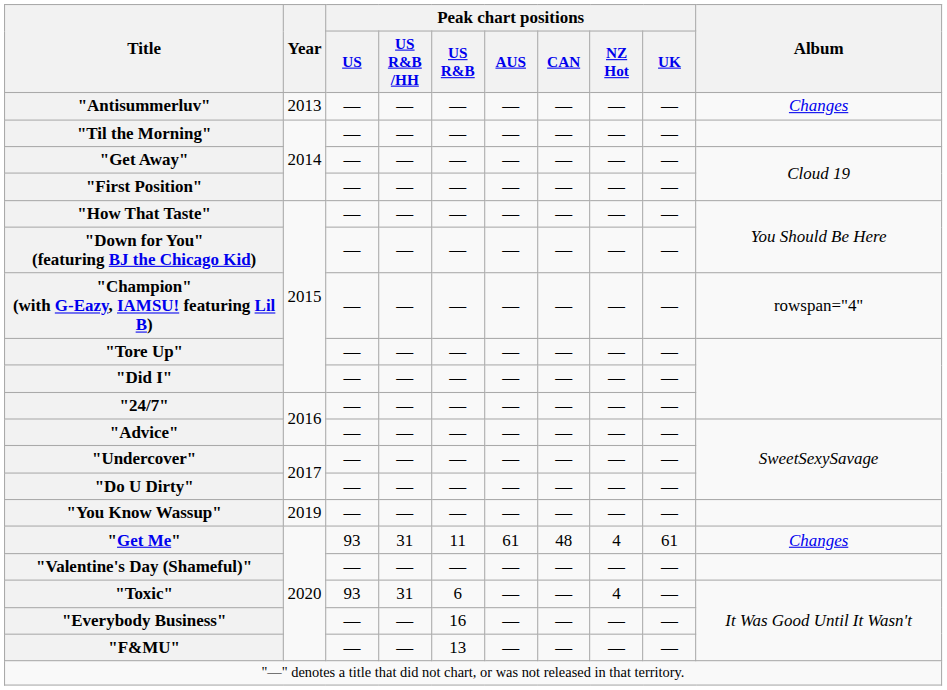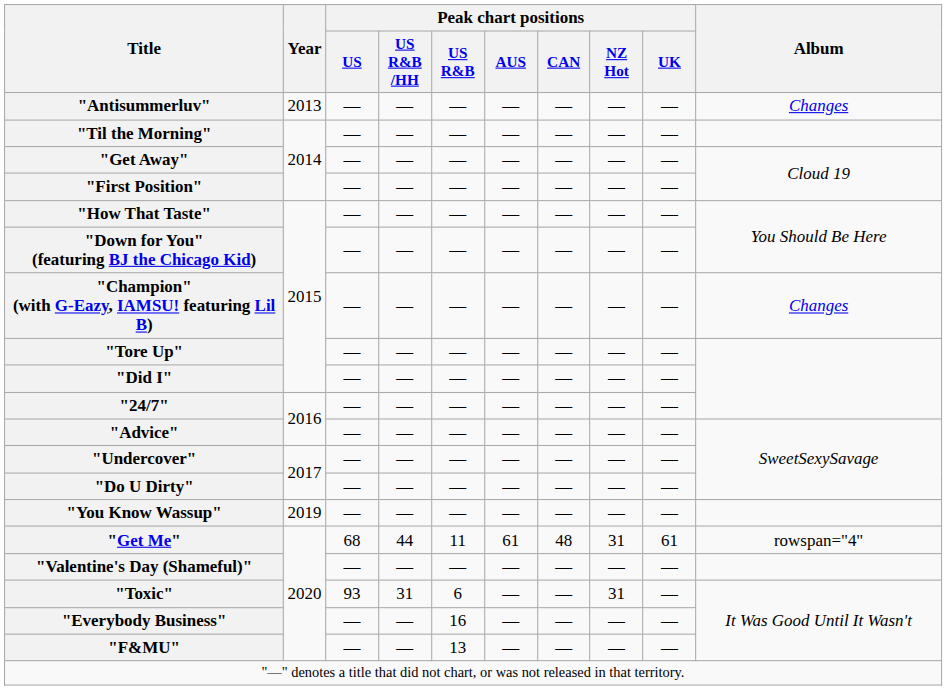 <table class="wikitable plainrowheaders" style="text-align:center;" border="2">
 <tr>
 <th scope="col" rowspan="2" style="width:16em;">Title</th>
 <th scope="col" rowspan="2" style="width:1em;">Year</th>
 <th scope="col" colspan="7">Peak chart positions</th>
 <th scope="col" rowspan="2" style="width:14em;">Album</th>
 </tr>
 <tr>
 <th scope="col" style="width:3em;font-size:90%;"><a href='#'>US</a><br></th>
 <th scope="col" style="width:3em;font-size:90%;"><a href='#'>US<br>R&B<br>/HH</a><br></th>
 <th scope="col" style="width:3em;font-size:90%;"><a href='#'>US R&B</a><br></th>
 <th scope="col" style="width:3em;font-size:90%;"><a href='#'>AUS</a><br></th>
 <th scope="col" style="width:3em;font-size:90%;"><a href='#'>CAN</a><br></th>
 <th scope="col" style="width:3em;font-size:90%;"><a href='#'>NZ<br>Hot</a><br></th>
 <th scope="col" style="width:3em;font-size:90%;"><a href='#'>UK</a><br></th>
 </tr>
 <tr>
 <th scope="row">"Antisummerluv"</th>
 <td>2013</td>
 <td>—</td>
 <td>—</td>
 <td>—</td>
 <td>—</td>
 <td>—</td>
 <td>—</td>
 <td>—</td>
 <td><em><a href='#'>Changes</a></em></td>
 </tr>
 <tr>
 <th scope="row">"Til the Morning"</th>
 <td rowspan="3">2014</td>
 <td>—</td>
 <td>—</td>
 <td>—</td>
 <td>—</td>
 <td>—</td>
 <td>—</td>
 <td>—</td>
 </tr>
 <tr>
 <th scope="row">"Get Away"</th>
 <td>—</td>
 <td>—</td>
 <td>—</td>
 <td>—</td>
 <td>—</td>
 <td>—</td>
 <td>—</td>
 <td rowspan="2"><em>Cloud 19</em></td>
 </tr>
 <tr>
 <th scope="row">"First Position"</th>
 <td>—</td>
 <td>—</td>
 <td>—</td>
 <td>—</td>
 <td>—</td>
 <td>—</td>
 <td>—</td>
 </tr>
 <tr>
 <th scope="row">"How That Taste"</th>
 <td rowspan="5">2015</td>
 <td>—</td>
 <td>—</td>
 <td>—</td>
 <td>—</td>
 <td>—</td>
 <td>—</td>
 <td>—</td>
 <td rowspan="2"><em>You Should Be Here</em></td>
 </tr>
 <tr>
 <th scope="row">"Down for You"<br><span>(featuring <a href='#'>BJ the Chicago Kid</a>)</span></th>
 <td>—</td>
 <td>—</td>
 <td>—</td>
 <td>—</td>
 <td>—</td>
 <td>—</td>
 <td>—</td>
 </tr>
 <tr>
 <th scope="row">"Champion"<br><span>(with <a href='#'>G-Eazy</a>, <a href='#'>IAMSU!</a> featuring <a href='#'>Lil B</a>)</span></th>
 <td>—</td>
 <td>—</td>
 <td>—</td>
 <td>—</td>
 <td>—</td>
 <td>—</td>
 <td>—</td>
-<td>rowspan="4" </td>
+<td><em><a href='#'>Changes</a></em></td>
 </tr>
 <tr>
 <th scope="row">"Tore Up"</th>
 <td>—</td>
 <td>—</td>
 <td>—</td>
 <td>—</td>
 <td>—</td>
 <td>—</td>
 <td>—</td>
 </tr>
 <tr>
 <th scope="row">"Did I"</th>
 <td>—</td>
 <td>—</td>
 <td>—</td>
 <td>—</td>
 <td>—</td>
 <td>—</td>
 <td>—</td>
 </tr>
 <tr>
 <th scope="row">"24/7"</th>
 <td rowspan="2">2016</td>
 <td>—</td>
 <td>—</td>
 <td>—</td>
 <td>—</td>
 <td>—</td>
 <td>—</td>
 <td>—</td>
 </tr>
 <tr>
 <th scope="row">"Advice"</th>
 <td>—</td>
 <td>—</td>
 <td>—</td>
 <td>—</td>
 <td>—</td>
 <td>—</td>
 <td>—</td>
 <td rowspan="3"><em>SweetSexySavage</em></td>
 </tr>
 <tr>
 <th scope="row">"Undercover"</th>
 <td rowspan="2">2017</td>
 <td>—</td>
 <td>—</td>
 <td>—</td>
 <td>—</td>
 <td>—</td>
 <td>—</td>
 <td>—</td>
 </tr>
 <tr>
 <th scope="row">"Do U Dirty"</th>
 <td>—</td>
 <td>—</td>
 <td>—</td>
 <td>—</td>
 <td>—</td>
 <td>—</td>
 <td>—</td>
 </tr>
 <tr>
 <th scope="row">"You Know Wassup"</th>
 <td>2019</td>
 <td>—</td>
 <td>—</td>
 <td>—</td>
 <td>—</td>
 <td>—</td>
 <td>—</td>
 <td>—</td>
 <td></td>
 </tr>
 <tr>
 <th scope="row">"<a href='#'>Get Me</a>"<br></th>
 <td rowspan="5">2020</td>
-<td>93</td>
-<td>31</td>
+<td>68</td>
+<td>44</td>
 <td>11</td>
 <td>61</td>
 <td>48</td>
-<td>4</td>
+<td>31</td>
 <td>61</td>
-<td><em><a href='#'>Changes</a></em></td>
+<td>rowspan="4" </td>
 </tr>
 <tr>
 <th scope="row">"Valentine's Day (Shameful)"</th>
 <td>—</td>
 <td>—</td>
 <td>—</td>
 <td>—</td>
 <td>—</td>
 <td>—</td>
 <td>—</td>
 <td></td>
 </tr>
 <tr>
 <th scope="row">"Toxic"</th>
 <td>93</td>
 <td>31</td>
 <td>6</td>
 <td>—</td>
 <td>—</td>
-<td>4</td>
+<td>31</td>
 <td>—</td>
 <td rowspan="3"><em>It Was Good Until It Wasn't</em></td>
 </tr>
 <tr>
 <th scope="row">"Everybody Business"</th>
 <td>—</td>
 <td>—</td>
 <td>16</td>
 <td>—</td>
 <td>—</td>
 <td>—</td>
 <td>—</td>
 </tr>
 <tr>
 <th scope="row">"F&MU"</th>
 <td>—</td>
 <td>—</td>
 <td>13</td>
 <td>—</td>
 <td>—</td>
 <td>—</td>
 <td>—</td>
 </tr>
 <tr>
 <td colspan="13" style="font-size:85%">"—" denotes a title that did not chart, or was not released in that territory.</td>
 </tr>
 </table>
